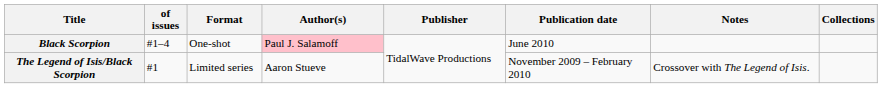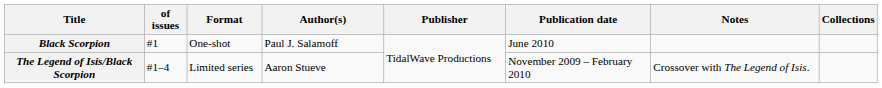 <table class="wikitable">
 <tr>
 <th>Title</th>
 <th style="width:40pt"> of issues</th>
 <th style="width:75pt">Format</th>
 <th style="width:125pt">Author(s)</th>
 <th style="width:125pt">Publisher</th>
 <th style="width:150pt">Publication date</th>
 <th style="width:175pt">Notes</th>
 <th>Collections</th>
 </tr>
 <tr>
 <th><em>Black Scorpion</em></th>
-<td>#1–4</td>
+<td>#1</td>
 <td>One-shot</td>
-<td style="background: pink;">Paul J. Salamoff</td>
+<td>Paul J. Salamoff</td>
 <td rowspan="2">TidalWave Productions</td>
 <td>June 2010</td>
 <td></td>
 <td></td>
 </tr>
 <tr>
 <th><em>The Legend of Isis/Black Scorpion</em></th>
-<td>#1</td>
+<td>#1–4</td>
 <td>Limited series</td>
 <td>Aaron Stueve</td>
 <td>November 2009 – February 2010</td>
 <td>Crossover with <em>The Legend of Isis</em>.</td>
 <td></td>
 </tr>
 </table>
